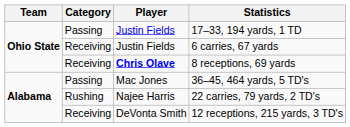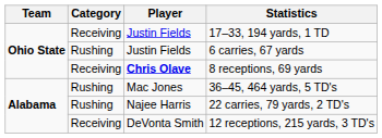 <table class="wikitable" style="float: right;">
 <tr>
 <th>Team</th>
 <th>Category</th>
 <th>Player</th>
 <th>Statistics</th>
 </tr>
 <tr>
 <td rowspan=3><strong>Ohio State</strong></td>
-<td>Passing</td>
+<td>Receiving</td>
 <td><a href='#'>Justin Fields</a></td>
 <td>17–33, 194 yards, 1 TD</td>
 </tr>
 <tr>
-<td>Receiving</td>
+<td>Rushing</td>
 <td>Justin Fields</td>
 <td>6 carries, 67 yards</td>
 </tr>
 <tr>
 <td>Receiving</td>
 <td><strong><a href='#'>Chris Olave</a></strong></td>
 <td>8 receptions, 69 yards</td>
 </tr>
 <tr>
 <td rowspan=3><strong>Alabama</strong></td>
-<td>Passing</td>
+<td>Rushing</td>
 <td>Mac Jones</td>
 <td>36–45, 464 yards, 5 TD's</td>
 </tr>
 <tr>
 <td>Rushing</td>
 <td>Najee Harris</td>
 <td>22 carries, 79 yards, 2 TD's</td>
 </tr>
 <tr>
 <td>Receiving</td>
 <td>DeVonta Smith</td>
 <td>12 receptions, 215 yards, 3 TD's</td>
 </tr>
 </table>
